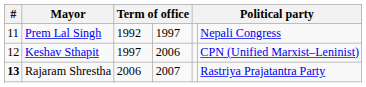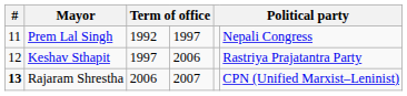 <table class="wikitable">
 <tr>
 <th>#</th>
 <th>Mayor</th>
 <th colspan="2">Term of office</th>
 <th colspan="2">Political party</th>
 </tr>
 <tr>
 <td>11</td>
 <td><a href='#'>Prem Lal Singh</a></td>
 <td>1992</td>
 <td>1997</td>
 <td></td>
 <td><a href='#'>Nepali Congress</a></td>
 </tr>
 <tr>
 <td>12</td>
 <td><a href='#'>Keshav Sthapit</a></td>
 <td>1997</td>
 <td>2006</td>
 <td></td>
-<td><a href='#'>CPN (Unified Marxist–Leninist)</a></td>
+<td><a href='#'>Rastriya Prajatantra Party</a></td>
 </tr>
 <tr>
 <td><strong>13</strong></td>
 <td>Rajaram Shrestha</td>
 <td>2006</td>
 <td>2007</td>
 <td></td>
-<td><a href='#'>Rastriya Prajatantra Party</a></td>
+<td><a href='#'>CPN (Unified Marxist–Leninist)</a></td>
 </tr>
 </table>
